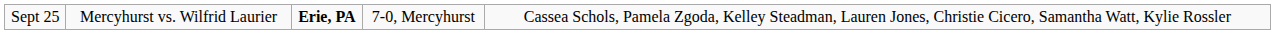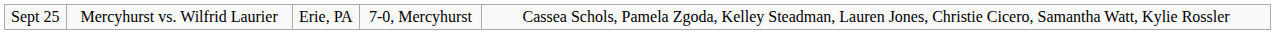 <table class="wikitable" style="width:80%;">
 <tr>
 </tr>
 <tr style="text-align:center;" bgcolor="">
 <td>Sept 25</td>
 <td>Mercyhurst vs. Wilfrid Laurier</td>
-<td><strong>Erie, PA</strong></td>
+<td>Erie, PA</td>
 <td>7-0, Mercyhurst</td>
 <td>Cassea Schols, Pamela Zgoda, Kelley Steadman, Lauren Jones, Christie Cicero, Samantha Watt, Kylie Rossler</td>
 </tr>
 </table>
